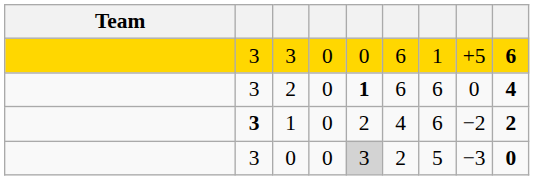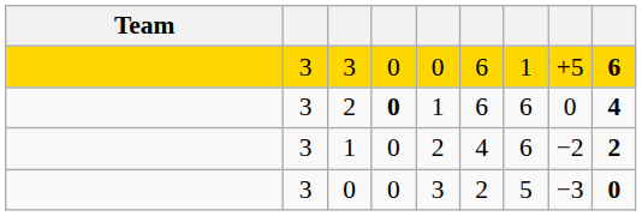 <table class="wikitable" style="text-align:center">
 <tr>
 <th width=165>Team</th>
 <th width=20></th>
 <th width=20></th>
 <th width=20></th>
 <th width=20></th>
 <th width=20></th>
 <th width=20></th>
 <th width=20></th>
 <th width=20></th>
 </tr>
 <tr align=center bgcolor=gold>
 <td align=left></td>
 <td>3</td>
 <td>3</td>
 <td>0</td>
 <td>0</td>
 <td>6</td>
 <td>1</td>
 <td>+5</td>
 <td><strong>6</strong></td>
 </tr>
 <tr align=center>
 <td align=left></td>
 <td>3</td>
 <td>2</td>
-<td>0</td>
-<td><strong>1</strong></td>
+<td><strong>0</strong></td>
+<td>1</td>
 <td>6</td>
 <td>6</td>
 <td>0</td>
 <td><strong>4</strong></td>
 </tr>
 <tr align=center>
 <td align=left></td>
-<td><strong>3</strong></td>
+<td>3</td>
 <td>1</td>
 <td>0</td>
 <td>2</td>
 <td>4</td>
 <td>6</td>
 <td>−2</td>
 <td><strong>2</strong></td>
 </tr>
 <tr align=center>
 <td align=left></td>
 <td>3</td>
 <td>0</td>
 <td>0</td>
-<td style="background: lightgrey;">3</td>
+<td>3</td>
 <td>2</td>
 <td>5</td>
 <td>−3</td>
 <td><strong>0</strong></td>
 </tr>
 </table>
